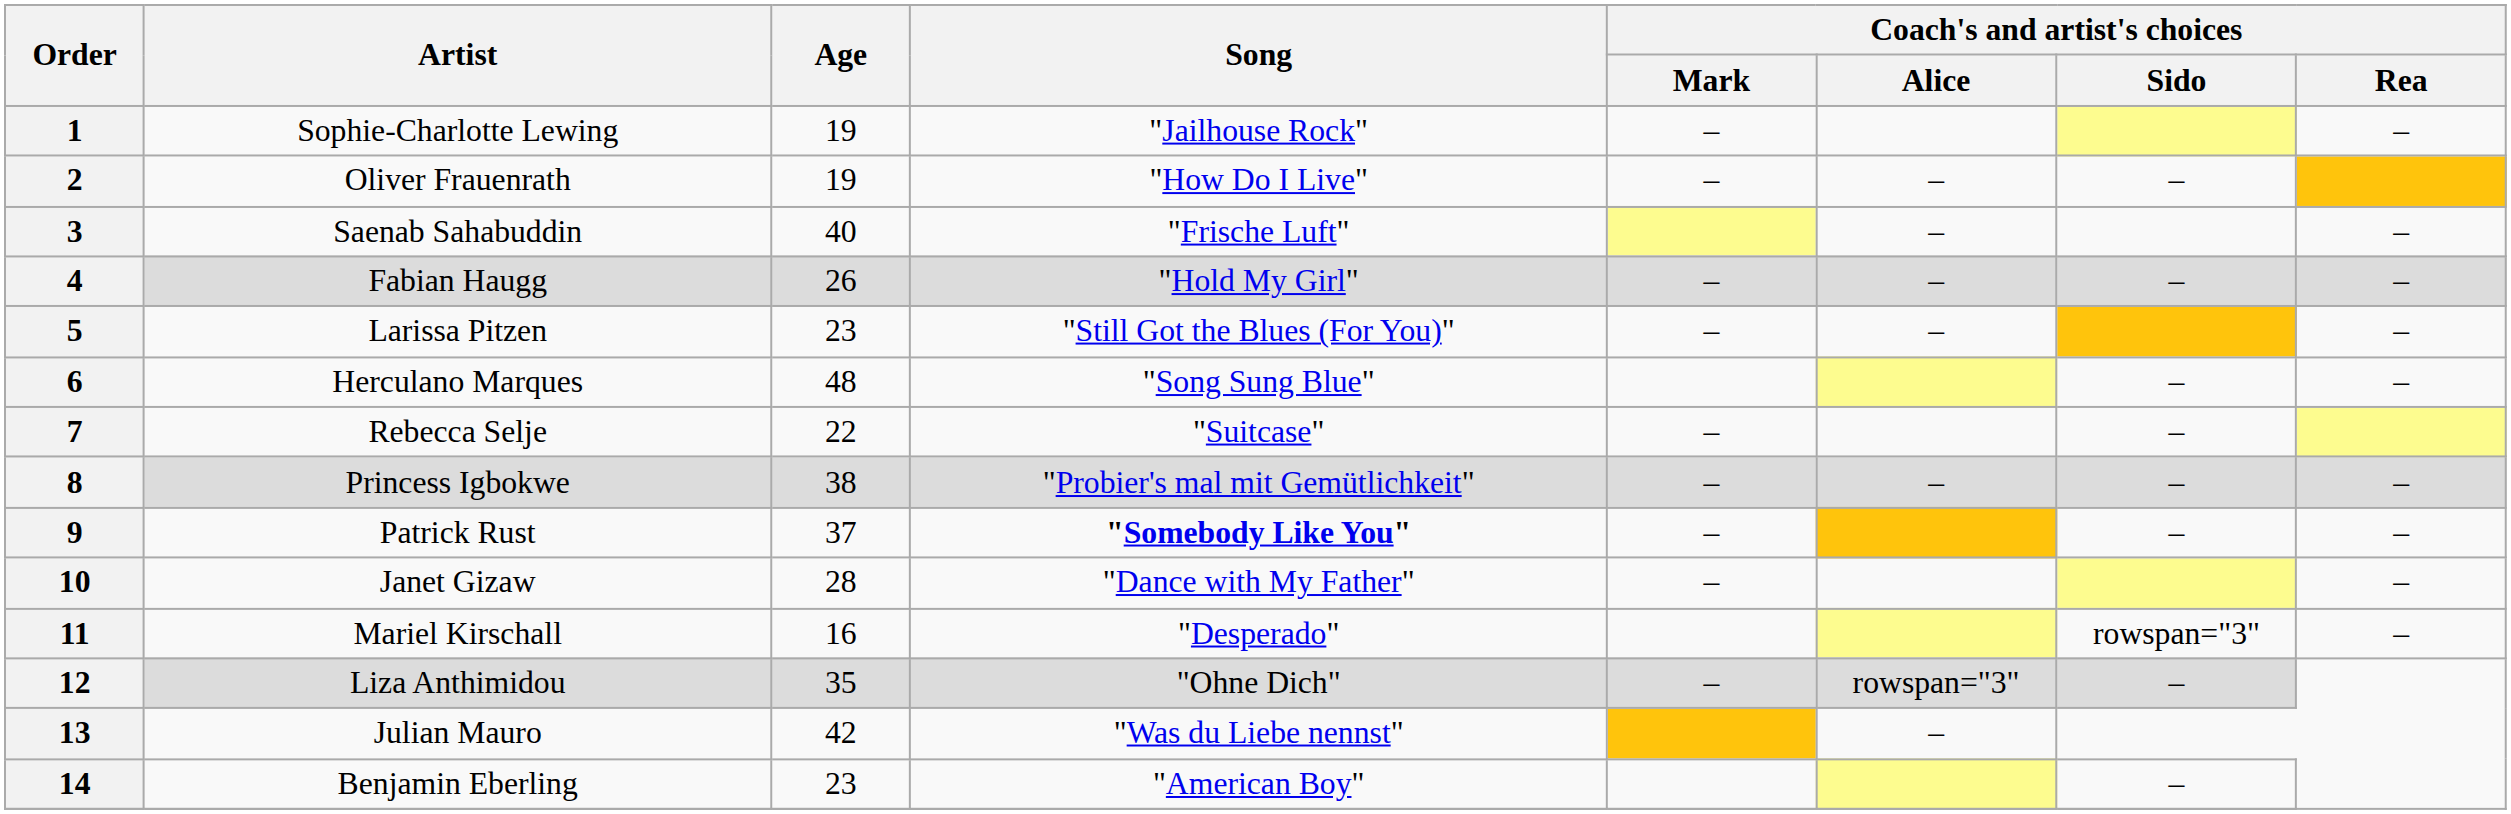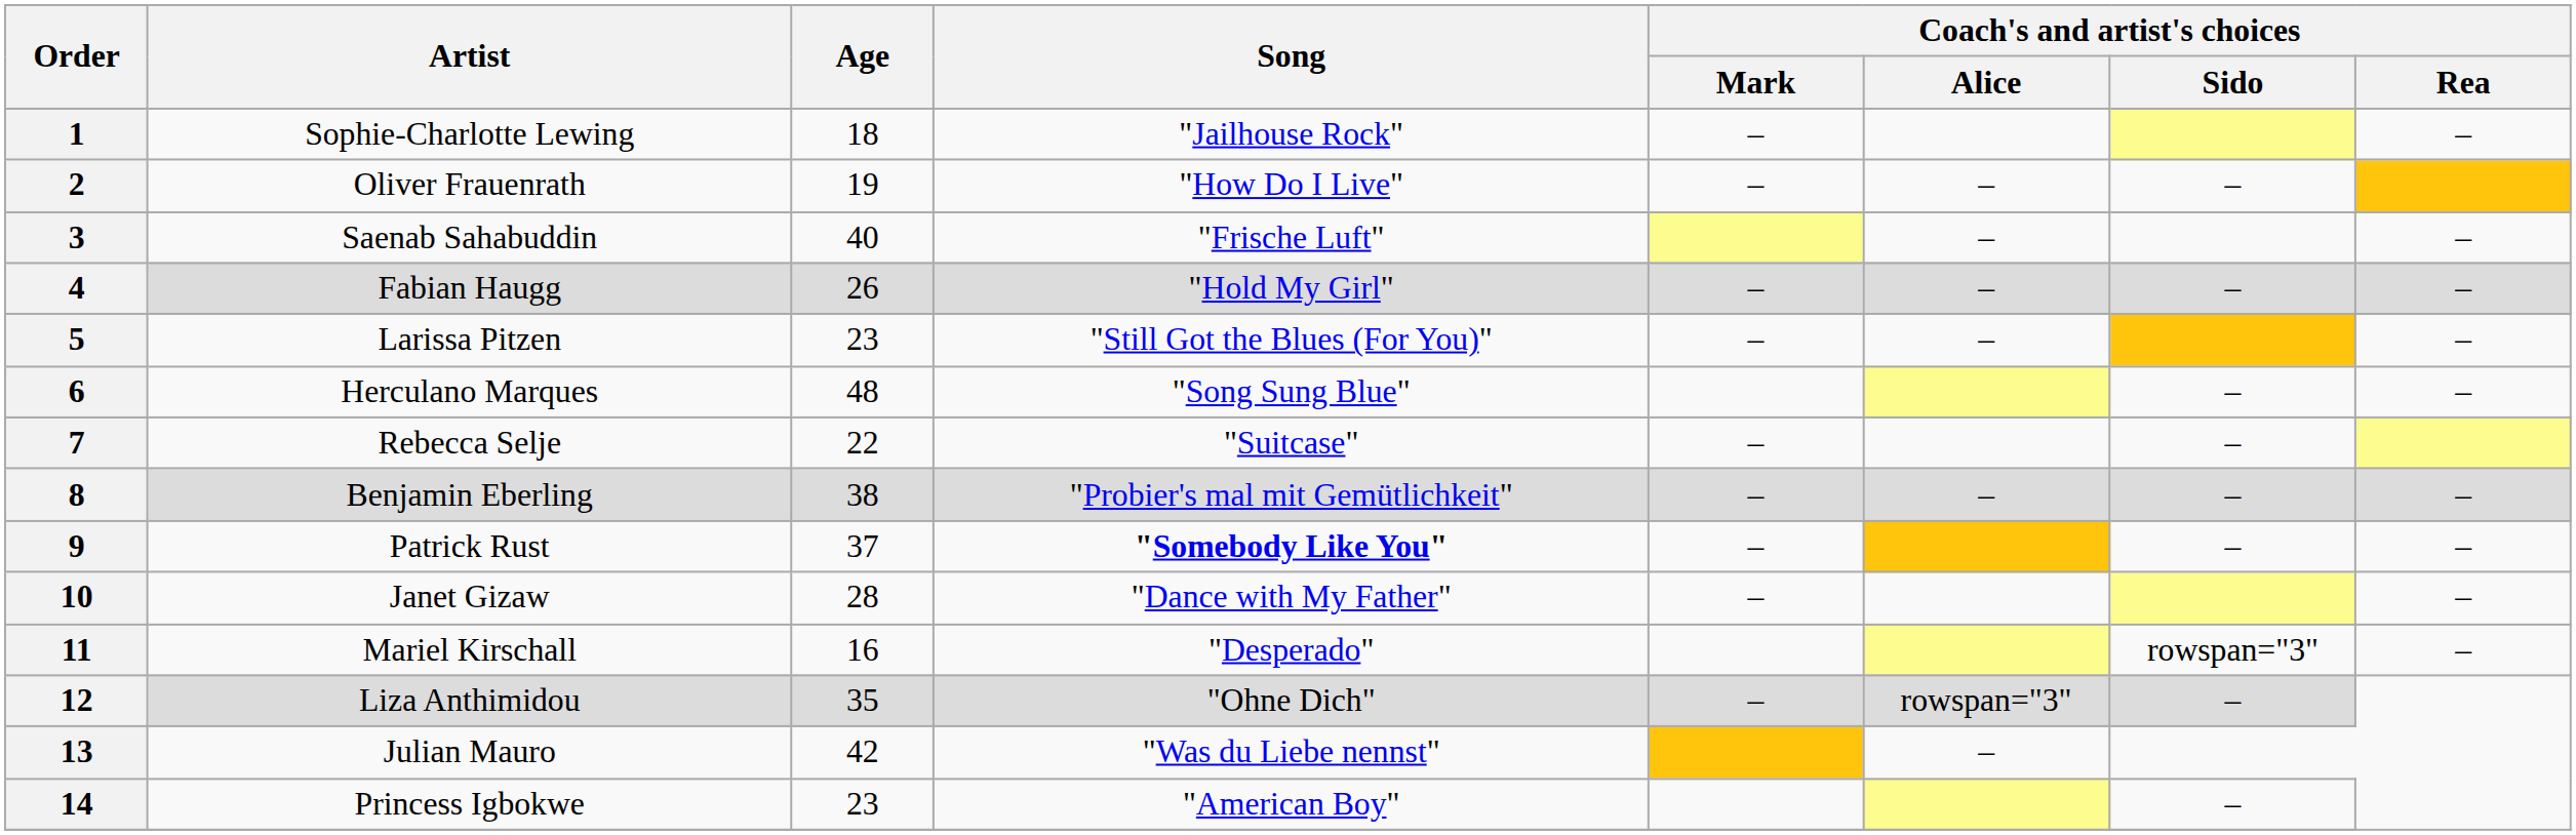 <table class="wikitable" style="text-align:center; width:100%;">
 <tr>
 <th scope="col" rowspan="2" style="width:04%;">Order</th>
 <th scope="col" rowspan="2" style="width:18%;">Artist</th>
 <th scope="col" rowspan="2" style="width:04%;">Age</th>
 <th scope="col" rowspan="2" style="width:20%;">Song</th>
 <th scope="col" colspan="4" style="width:24%;">Coach's and artist's choices</th>
 </tr>
 <tr>
 <th style="width:06%;">Mark</th>
 <th style="width:06%;">Alice</th>
 <th style="width:06%;">Sido</th>
 <th style="width:06%;">Rea</th>
 </tr>
 <tr>
 <th>1</th>
 <td>Sophie-Charlotte Lewing</td>
-<td>19</td>
+<td>18</td>
 <td>"<a href='#'>Jailhouse Rock</a>"</td>
 <td>–</td>
 <td><strong></strong></td>
 <td style="background: #fdfc8f;"><strong></strong></td>
 <td>–</td>
 </tr>
 <tr>
 <th>2</th>
 <td>Oliver Frauenrath</td>
 <td>19</td>
 <td>"<a href='#'>How Do I Live</a>"</td>
 <td>–</td>
 <td>–</td>
 <td>–</td>
 <td style="background: #ffc40c;"><strong></strong></td>
 </tr>
 <tr>
 <th>3</th>
 <td>Saenab Sahabuddin</td>
 <td>40</td>
 <td>"<a href='#'>Frische Luft</a>"</td>
 <td style="background: #fdfc8f;"><strong></strong></td>
 <td>–</td>
 <td><strong></strong></td>
 <td>–</td>
 </tr>
 <tr style="background: #dcdcdc;" |>
 <th>4</th>
 <td>Fabian Haugg</td>
 <td>26</td>
 <td>"<a href='#'>Hold My Girl</a>"</td>
 <td>–</td>
 <td>–</td>
 <td>–</td>
 <td>–</td>
 </tr>
 <tr>
 <th>5</th>
 <td>Larissa Pitzen</td>
 <td>23</td>
 <td>"<a href='#'>Still Got the Blues (For You)</a>"</td>
 <td>–</td>
 <td>–</td>
 <td style="background: #ffc40c;"><strong></strong></td>
 <td>–</td>
 </tr>
 <tr>
 <th>6</th>
 <td>Herculano Marques</td>
 <td>48</td>
 <td>"<a href='#'>Song Sung Blue</a>"</td>
 <td><strong></strong></td>
 <td style="background: #fdfc8f;"><strong></strong></td>
 <td>–</td>
 <td>–</td>
 </tr>
 <tr>
 <th>7</th>
 <td>Rebecca Selje</td>
 <td>22</td>
 <td>"<a href='#'>Suitcase</a>"</td>
 <td>–</td>
 <td><strong></strong></td>
 <td>–</td>
 <td style="background: #fdfc8f;"><strong></strong></td>
 </tr>
 <tr style="background: #dcdcdc;" |>
 <th>8</th>
-<td>Princess Igbokwe</td>
+<td>Benjamin Eberling</td>
 <td>38</td>
 <td>"<a href='#'>Probier's mal mit Gemütlichkeit</a>"</td>
 <td>–</td>
 <td>–</td>
 <td>–</td>
 <td>–</td>
 </tr>
 <tr>
 <th>9</th>
 <td>Patrick Rust</td>
 <td>37</td>
 <td><strong>"<a href='#'>Somebody Like You</a>"</strong></td>
 <td>–</td>
 <td style="background: #ffc40c;"><strong></strong></td>
 <td>–</td>
 <td>–</td>
 </tr>
 <tr>
 <th>10</th>
 <td>Janet Gizaw</td>
 <td>28</td>
 <td>"<a href='#'>Dance with My Father</a>"</td>
 <td>–</td>
 <td><strong></strong></td>
 <td style="background: #fdfc8f;"><strong></strong></td>
 <td>–</td>
 </tr>
 <tr>
 <th>11</th>
 <td>Mariel Kirschall</td>
 <td>16</td>
 <td>"<a href='#'>Desperado</a>"</td>
 <td><strong></strong></td>
 <td style="background: #fdfc8f;"><strong></strong></td>
 <td>rowspan="3" </td>
 <td>–</td>
 </tr>
 <tr style="background: #dcdcdc;" |>
 <th>12</th>
 <td>Liza Anthimidou</td>
 <td>35</td>
 <td>"Ohne Dich"</td>
 <td>–</td>
 <td>rowspan="3" </td>
 <td>–</td>
 </tr>
 <tr>
 <th>13</th>
 <td>Julian Mauro</td>
 <td>42</td>
 <td>"<a href='#'>Was du Liebe nennst</a>"</td>
 <td style="background: #ffc40c;"><strong></strong></td>
 <td>–</td>
 </tr>
 <tr>
 <th>14</th>
-<td>Benjamin Eberling</td>
+<td>Princess Igbokwe</td>
 <td>23</td>
 <td>"<a href='#'>American Boy</a>"</td>
 <td><strong></strong></td>
 <td style="background: #fdfc8f;"><strong></strong></td>
 <td>–</td>
 </tr>
 <tr>
 </tr>
 </table>
